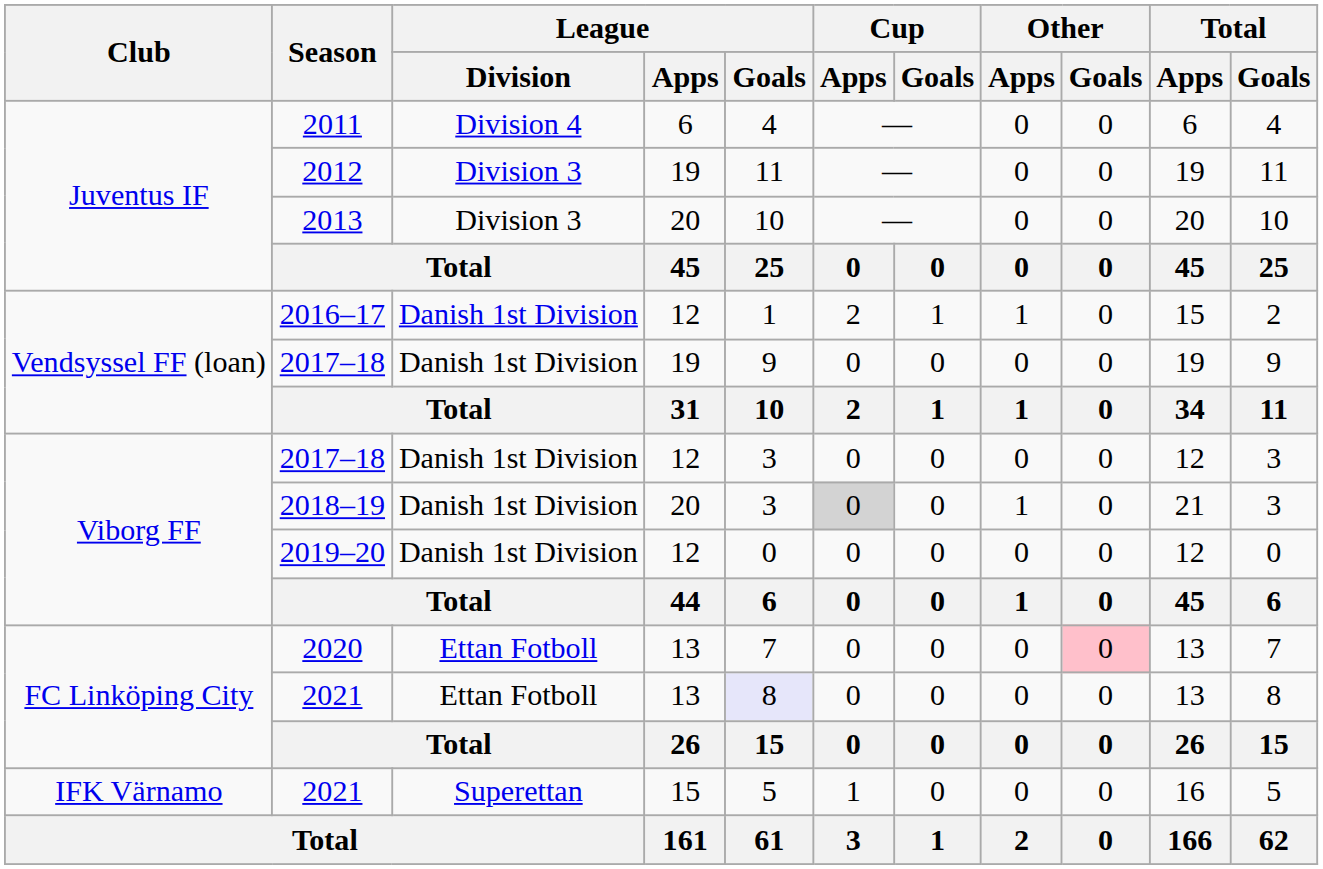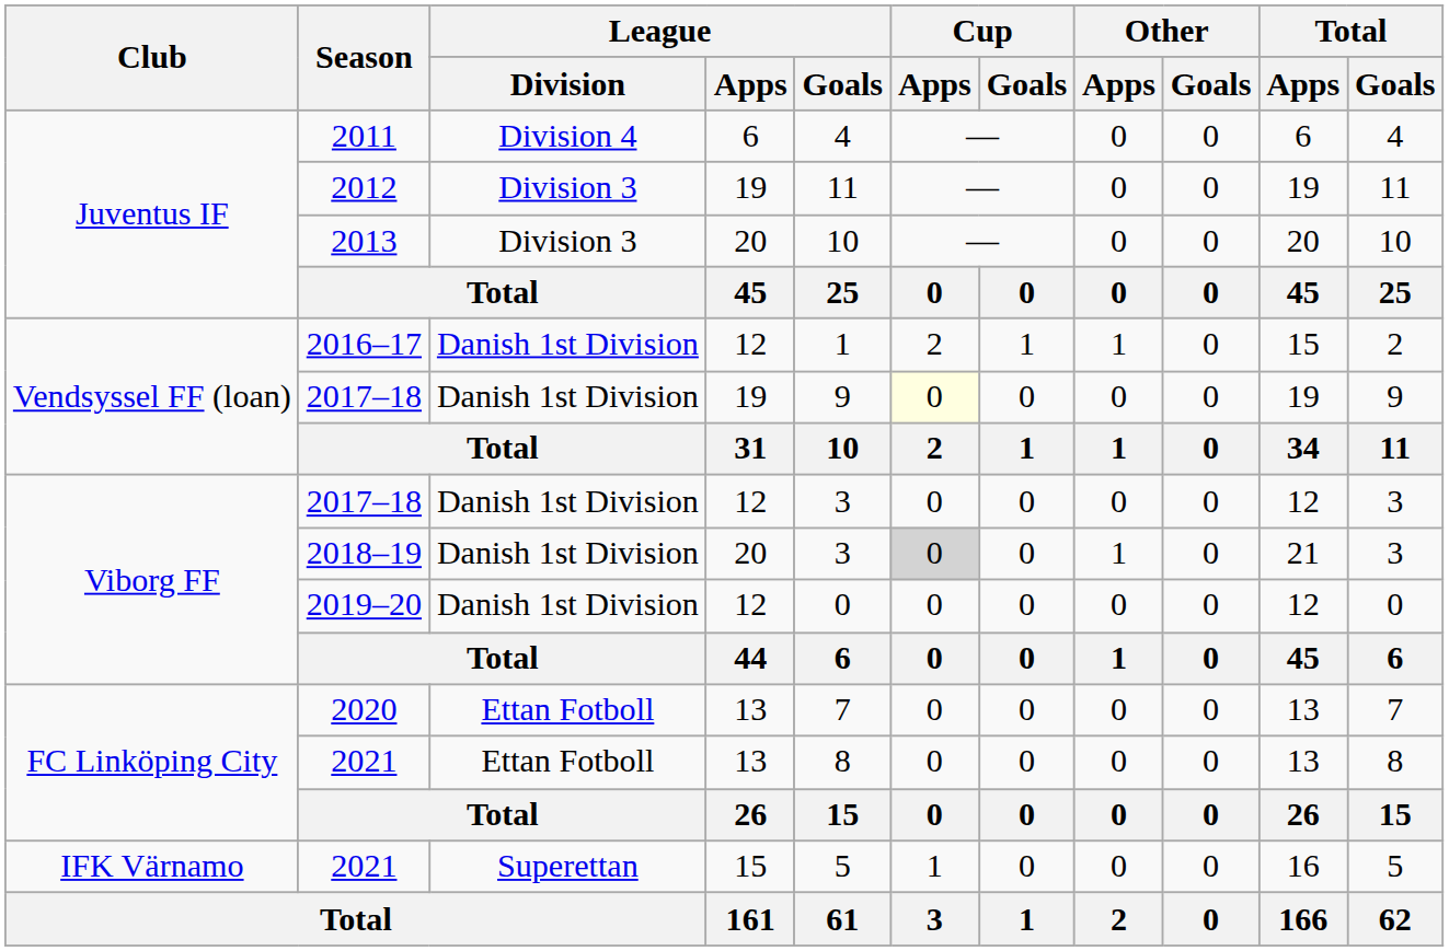 <table class="wikitable" style="text-align: center">
 <tr>
 <th rowspan="2">Club</th>
 <th rowspan="2">Season</th>
 <th colspan="3">League</th>
 <th colspan="2">Cup</th>
 <th colspan="2">Other</th>
 <th colspan="2">Total</th>
 </tr>
 <tr>
 <th>Division</th>
 <th>Apps</th>
 <th>Goals</th>
 <th>Apps</th>
 <th>Goals</th>
 <th>Apps</th>
 <th>Goals</th>
 <th>Apps</th>
 <th>Goals</th>
 </tr>
 <tr>
 <td rowspan="4"><a href='#'>Juventus IF</a></td>
 <td><a href='#'>2011</a></td>
 <td><a href='#'>Division 4</a></td>
 <td>6</td>
 <td>4</td>
 <td colspan="2">—</td>
 <td>0</td>
 <td>0</td>
 <td>6</td>
 <td>4</td>
 </tr>
 <tr>
 <td><a href='#'>2012</a></td>
 <td><a href='#'>Division 3</a></td>
 <td>19</td>
 <td>11</td>
 <td colspan="2">—</td>
 <td>0</td>
 <td>0</td>
 <td>19</td>
 <td>11</td>
 </tr>
 <tr>
 <td><a href='#'>2013</a></td>
 <td>Division 3</td>
 <td>20</td>
 <td>10</td>
 <td colspan="2">—</td>
 <td>0</td>
 <td>0</td>
 <td>20</td>
 <td>10</td>
 </tr>
 <tr>
 <th colspan="2">Total</th>
 <th>45</th>
 <th>25</th>
 <th>0</th>
 <th>0</th>
 <th>0</th>
 <th>0</th>
 <th>45</th>
 <th>25</th>
 </tr>
 <tr>
 <td rowspan="3"><a href='#'>Vendsyssel FF</a> (loan)</td>
 <td><a href='#'>2016–17</a></td>
 <td><a href='#'>Danish 1st Division</a></td>
 <td>12</td>
 <td>1</td>
 <td>2</td>
 <td>1</td>
 <td>1</td>
 <td>0</td>
 <td>15</td>
 <td>2</td>
 </tr>
 <tr>
 <td><a href='#'>2017–18</a></td>
 <td>Danish 1st Division</td>
 <td>19</td>
 <td>9</td>
-<td>0</td>
+<td style="background: lightyellow;">0</td>
 <td>0</td>
 <td>0</td>
 <td>0</td>
 <td>19</td>
 <td>9</td>
 </tr>
 <tr>
 <th colspan="2">Total</th>
 <th>31</th>
 <th>10</th>
 <th>2</th>
 <th>1</th>
 <th>1</th>
 <th>0</th>
 <th>34</th>
 <th>11</th>
 </tr>
 <tr>
 <td rowspan="4"><a href='#'>Viborg FF</a></td>
 <td><a href='#'>2017–18</a></td>
 <td>Danish 1st Division</td>
 <td>12</td>
 <td>3</td>
 <td>0</td>
 <td>0</td>
 <td>0</td>
 <td>0</td>
 <td>12</td>
 <td>3</td>
 </tr>
 <tr>
 <td><a href='#'>2018–19</a></td>
 <td>Danish 1st Division</td>
 <td>20</td>
 <td>3</td>
 <td style="background: lightgrey;">0</td>
 <td>0</td>
 <td>1</td>
 <td>0</td>
 <td>21</td>
 <td>3</td>
 </tr>
 <tr>
 <td><a href='#'>2019–20</a></td>
 <td>Danish 1st Division</td>
 <td>12</td>
 <td>0</td>
 <td>0</td>
 <td>0</td>
 <td>0</td>
 <td>0</td>
 <td>12</td>
 <td>0</td>
 </tr>
 <tr>
 <th colspan="2">Total</th>
 <th>44</th>
 <th>6</th>
 <th>0</th>
 <th>0</th>
 <th>1</th>
 <th>0</th>
 <th>45</th>
 <th>6</th>
 </tr>
 <tr>
 <td rowspan="3"><a href='#'>FC Linköping City</a></td>
 <td><a href='#'>2020</a></td>
 <td><a href='#'>Ettan Fotboll</a></td>
 <td>13</td>
 <td>7</td>
 <td>0</td>
 <td>0</td>
 <td>0</td>
-<td style="background: pink;">0</td>
+<td>0</td>
 <td>13</td>
 <td>7</td>
 </tr>
 <tr>
 <td><a href='#'>2021</a></td>
 <td>Ettan Fotboll</td>
 <td>13</td>
-<td style="background: lavender;">8</td>
+<td>8</td>
 <td>0</td>
 <td>0</td>
 <td>0</td>
 <td>0</td>
 <td>13</td>
 <td>8</td>
 </tr>
 <tr>
 <th colspan="2">Total</th>
 <th>26</th>
 <th>15</th>
 <th>0</th>
 <th>0</th>
 <th>0</th>
 <th>0</th>
 <th>26</th>
 <th>15</th>
 </tr>
 <tr>
 <td><a href='#'>IFK Värnamo</a></td>
 <td><a href='#'>2021</a></td>
 <td><a href='#'>Superettan</a></td>
 <td>15</td>
 <td>5</td>
 <td>1</td>
 <td>0</td>
 <td>0</td>
 <td>0</td>
 <td>16</td>
 <td>5</td>
 </tr>
 <tr>
 <th colspan="3">Total</th>
 <th>161</th>
 <th>61</th>
 <th>3</th>
 <th>1</th>
 <th>2</th>
 <th>0</th>
 <th>166</th>
 <th>62</th>
 </tr>
 </table>
